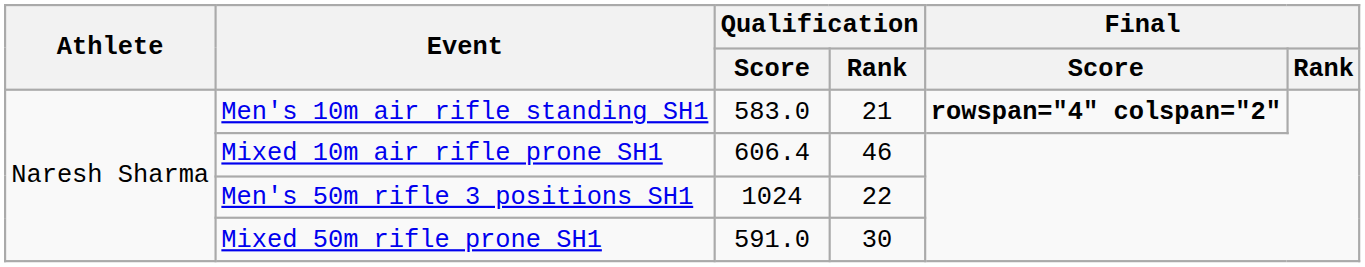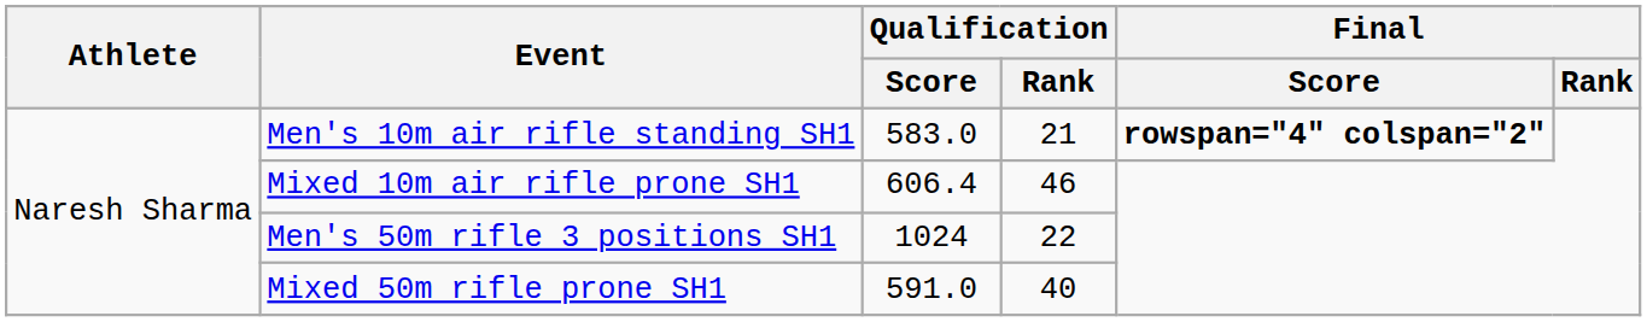 <table class=wikitable style="font-size:90%">
 <tr>
 <th rowspan="2">Athlete</th>
 <th rowspan="2">Event</th>
 <th colspan="2">Qualification</th>
 <th colspan="2">Final</th>
 </tr>
 <tr>
 <th>Score</th>
 <th>Rank</th>
 <th>Score</th>
 <th>Rank</th>
 </tr>
 <tr align="center">
 <td rowspan="4" align="left">Naresh Sharma</td>
 <td align=left><a href='#'>Men's 10m  air rifle standing SH1</a></td>
 <td>583.0</td>
 <td>21</td>
 <td><strong>rowspan="4" colspan="2" </strong></td>
 </tr>
 <tr align="center">
 <td align=left><a href='#'>Mixed 10m air rifle prone SH1</a></td>
 <td>606.4</td>
 <td>46</td>
 </tr>
 <tr align="center">
 <td align=left><a href='#'>Men's 50m rifle 3 positions SH1</a></td>
 <td>1024</td>
 <td>22</td>
 </tr>
 <tr align="center">
 <td align=left><a href='#'>Mixed 50m rifle prone SH1</a></td>
 <td>591.0</td>
-<td>30</td>
+<td>40</td>
 </tr>
 </table>
